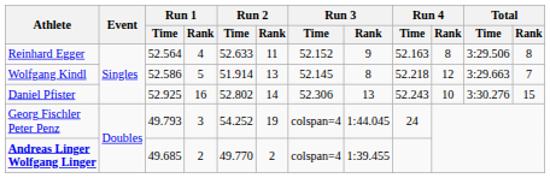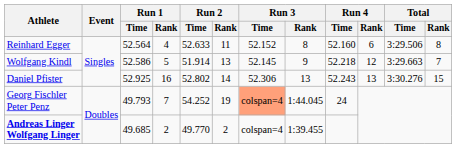 <table class="wikitable" style="font-size:90%">
 <tr>
 <th rowspan="2">Athlete</th>
 <th rowspan="2">Event</th>
 <th colspan="2">Run 1</th>
 <th colspan="2">Run 2</th>
 <th colspan="2">Run 3</th>
 <th colspan="2">Run 4</th>
 <th colspan="2">Total</th>
 </tr>
 <tr style="font-size:95%">
 <th>Time</th>
 <th>Rank</th>
 <th>Time</th>
 <th>Rank</th>
 <th>Time</th>
 <th>Rank</th>
 <th>Time</th>
 <th>Rank</th>
 <th>Time</th>
 <th>Rank</th>
 </tr>
 <tr align=center>
 <td align=left><a href='#'>Reinhard Egger</a></td>
 <td align=left rowspan=3><a href='#'>Singles</a></td>
 <td>52.564</td>
 <td>4</td>
 <td>52.633</td>
 <td>11</td>
 <td>52.152</td>
-<td>9</td>
-<td>52.163</td>
 <td>8</td>
+<td>52.160</td>
+<td>6</td>
 <td>3:29.506</td>
 <td>8</td>
 </tr>
 <tr align=center>
 <td align=left><a href='#'>Wolfgang Kindl</a></td>
 <td>52.586</td>
 <td>5</td>
 <td>51.914</td>
 <td>13</td>
 <td>52.145</td>
-<td>8</td>
+<td>9</td>
 <td>52.218</td>
 <td>12</td>
 <td>3:29.663</td>
 <td>7</td>
 </tr>
 <tr align=center>
 <td align=left><a href='#'>Daniel Pfister</a></td>
 <td>52.925</td>
 <td>16</td>
 <td>52.802</td>
 <td>14</td>
 <td>52.306</td>
 <td>13</td>
 <td>52.243</td>
-<td>10</td>
+<td>13</td>
 <td>3:30.276</td>
 <td>15</td>
 </tr>
 <tr align=center>
 <td align=left><a href='#'>Georg Fischler</a><br><a href='#'>Peter Penz</a></td>
 <td align=left rowspan=2><a href='#'>Doubles</a></td>
 <td>49.793</td>
-<td>3</td>
+<td>7</td>
 <td>54.252</td>
 <td>19</td>
-<td>colspan=4 </td>
+<td style="background: lightsalmon;">colspan=4 </td>
 <td>1:44.045</td>
 <td>24</td>
 </tr>
 <tr align=center>
 <td align=left><strong><a href='#'>Andreas Linger</a><br><a href='#'>Wolfgang Linger</a></strong></td>
 <td>49.685</td>
 <td>2</td>
 <td>49.770</td>
 <td>2</td>
 <td>colspan=4 </td>
 <td>1:39.455</td>
 <td></td>
 </tr>
 </table>
